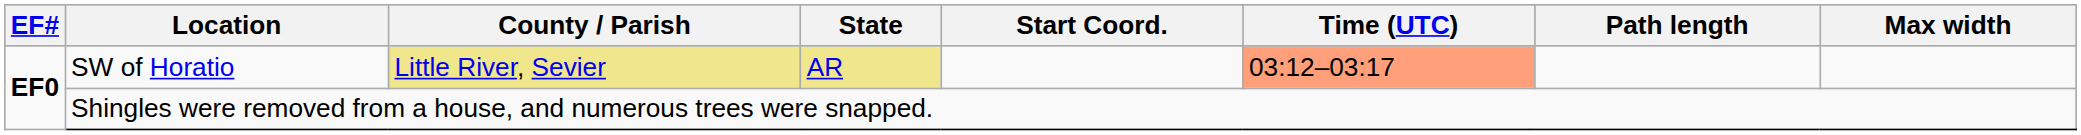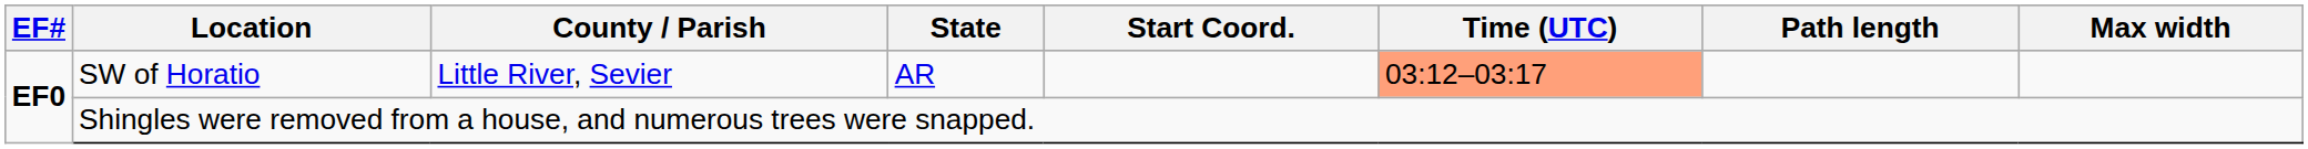 <table class="wikitable sortable" style="width:100%;">
 <tr>
 <th scope="col" width="2%" align="center"><a href='#'>EF#</a></th>
 <th scope="col" align="center" class="unsortable">Location</th>
 <th scope="col" align="center" class="unsortable">County / Parish</th>
 <th scope="col" align="center">State</th>
 <th scope="col" align="center" data-sort-type="number">Start Coord.</th>
 <th scope="col" align="center" data-sort-type="number">Time (<a href='#'>UTC</a>)</th>
 <th scope="col" align="center" data-sort-type="number">Path length</th>
 <th scope="col" align="center" data-sort-type="number">Max width</th>
 </tr>
 <tr>
 <td rowspan="2" align="center"><strong>EF0</strong></td>
 <td>SW of <a href='#'>Horatio</a></td>
-<td style="background: khaki;"><a href='#'>Little River</a>, <a href='#'>Sevier</a></td>
-<td style="background: khaki;"><a href='#'>AR</a></td>
+<td><a href='#'>Little River</a>, <a href='#'>Sevier</a></td>
+<td><a href='#'>AR</a></td>
 <td></td>
 <td style="background: lightsalmon;">03:12–03:17</td>
 <td></td>
 <td></td>
 </tr>
 <tr class="expand-child">
 <td colspan="7" style=" border-bottom: 1px solid black;">Shingles were removed from a house, and numerous trees were snapped.</td>
 </tr>
 </table>
